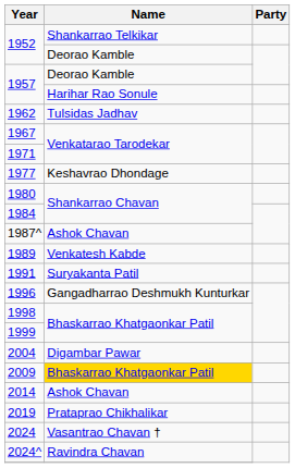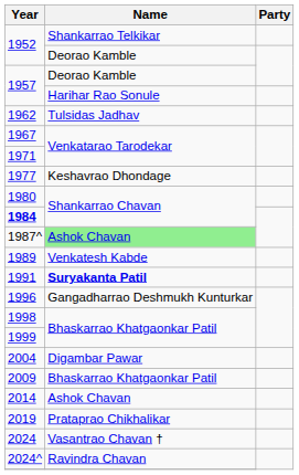 <table class="wikitable">
 <tr>
 <th>Year</th>
 <th>Name</th>
 <th colspan="2">Party</th>
 </tr>
 <tr>
 <td rowspan="2"><a href='#'>1952</a></td>
 <td><a href='#'>Shankarrao Telkikar</a></td>
 <td></td>
 </tr>
 <tr>
 <td>Deorao Kamble</td>
 </tr>
 <tr>
 <td rowspan="2"><a href='#'>1957</a></td>
 <td>Deorao Kamble</td>
 </tr>
 <tr>
 <td><a href='#'>Harihar Rao Sonule</a></td>
 <td></td>
 </tr>
 <tr>
 <td><a href='#'>1962</a></td>
 <td><a href='#'>Tulsidas Jadhav</a></td>
 <td></td>
 </tr>
 <tr>
 <td><a href='#'>1967</a></td>
 <td rowspan="2"><a href='#'>Venkatarao Tarodekar</a></td>
 </tr>
 <tr>
 <td><a href='#'>1971</a></td>
 </tr>
 <tr>
 <td><a href='#'>1977</a></td>
 <td>Keshavrao Dhondage</td>
 <td></td>
 </tr>
 <tr>
 <td><a href='#'>1980</a></td>
 <td rowspan="2"><a href='#'>Shankarrao Chavan</a></td>
 <td></td>
 </tr>
 <tr>
-<td><a href='#'>1984</a></td>
+<td><strong><a href='#'>1984</a></strong></td>
 </tr>
 <tr>
 <td>1987^</td>
-<td><a href='#'>Ashok Chavan</a></td>
+<td style="background: lightgreen;"><a href='#'>Ashok Chavan</a></td>
 </tr>
 <tr>
 <td><a href='#'>1989</a></td>
 <td><a href='#'>Venkatesh Kabde</a></td>
 <td></td>
 </tr>
 <tr>
 <td><a href='#'>1991</a></td>
-<td><a href='#'>Suryakanta Patil</a></td>
+<td><strong><a href='#'>Suryakanta Patil</a></strong></td>
 <td></td>
 </tr>
 <tr>
 <td><a href='#'>1996</a></td>
 <td>Gangadharrao Deshmukh Kunturkar</td>
 </tr>
 <tr>
 <td><a href='#'>1998</a></td>
 <td rowspan="2"><a href='#'>Bhaskarrao Khatgaonkar Patil</a></td>
 </tr>
 <tr>
 <td><a href='#'>1999</a></td>
 </tr>
 <tr>
 <td><a href='#'>2004</a></td>
 <td><a href='#'>Digambar Pawar</a></td>
 <td></td>
 </tr>
 <tr>
 <td><a href='#'>2009</a></td>
-<td style="background: gold;"><a href='#'>Bhaskarrao Khatgaonkar Patil</a></td>
+<td><a href='#'>Bhaskarrao Khatgaonkar Patil</a></td>
 <td></td>
 </tr>
 <tr>
 <td><a href='#'>2014</a></td>
 <td><a href='#'>Ashok Chavan</a></td>
 </tr>
 <tr>
 <td><a href='#'>2019</a></td>
 <td><a href='#'>Prataprao Chikhalikar</a></td>
 <td></td>
 </tr>
 <tr>
 <td><a href='#'>2024</a></td>
 <td><a href='#'>Vasantrao Chavan</a> †</td>
 <td></td>
 </tr>
 <tr>
 <td><a href='#'>2024^</a></td>
 <td><a href='#'>Ravindra Chavan</a></td>
 </tr>
 <tr>
 </tr>
 </table>
